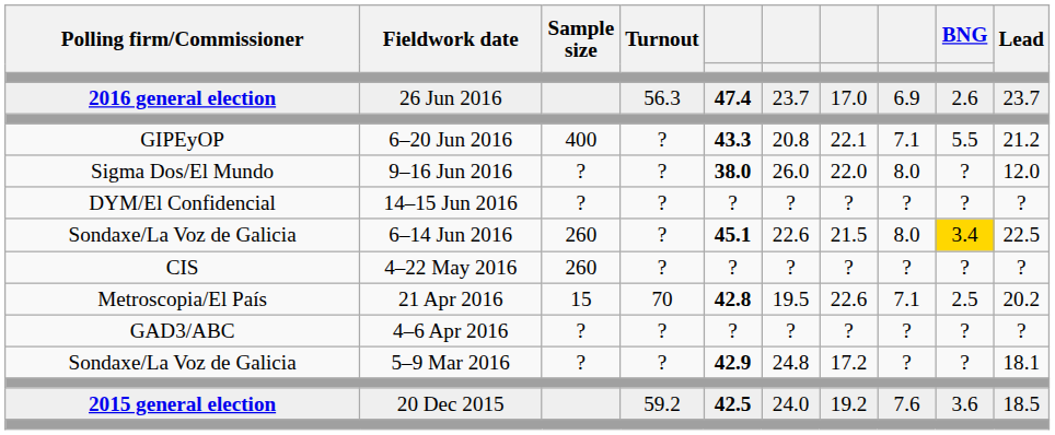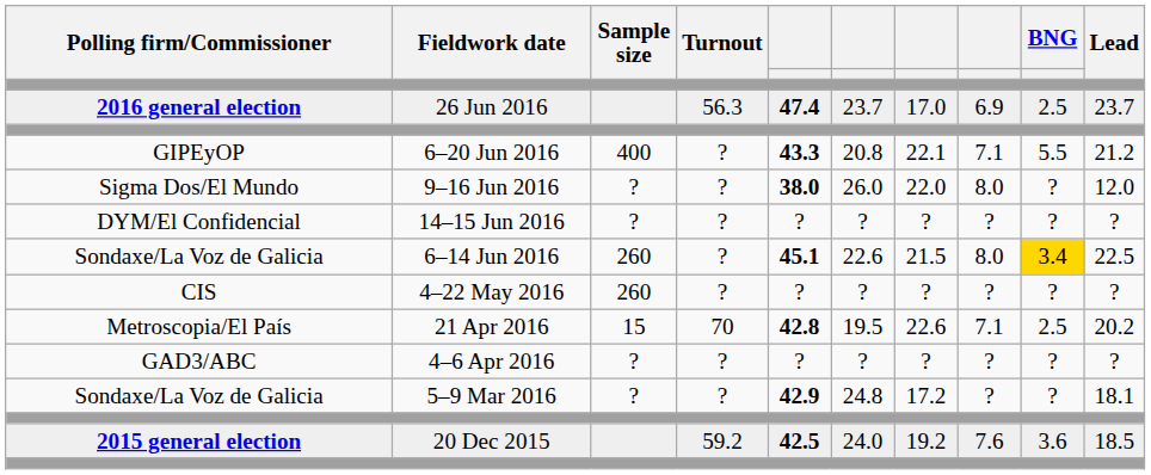 <table class="wikitable collapsible collapsed" style="text-align:center; font-size:95%; line-height:16px;">
 <tr style="height:42px; background-color:#E9E9E9">
 <th style="width:250px;" rowspan="2">Polling firm/Commissioner</th>
 <th style="width:125px;" rowspan="2">Fieldwork date</th>
 <th style="width:50px;" rowspan="2">Sample size</th>
 <th style="width:45px;" rowspan="2">Turnout</th>
 <th style="width:35px;"></th>
 <th style="width:35px;"></th>
 <th style="width:35px;"></th>
 <th style="width:35px;"></th>
 <th style="width:35px;"><a href='#'>BNG</a></th>
 <th style="width:30px;" rowspan="2">Lead</th>
 </tr>
 <tr>
 <th style="color:inherit;background:"></th>
 <th style="color:inherit;background:"></th>
 <th style="color:inherit;background:"></th>
 <th style="color:inherit;background:"></th>
 <th style="color:inherit;background:"></th>
 </tr>
 <tr>
 <td colspan="10" style="background:#A0A0A0"></td>
 </tr>
 <tr style="background:#EFEFEF;">
 <td><strong><a href='#'>2016 general election</a></strong></td>
 <td>26 Jun 2016</td>
 <td></td>
 <td>56.3</td>
 <td><strong>47.4</strong><br></td>
 <td>23.7<br></td>
 <td>17.0<br></td>
 <td>6.9<br></td>
-<td>2.6<br></td>
+<td>2.5<br></td>
 <td style="background:">23.7</td>
 </tr>
 <tr>
 <td colspan="10" style="background:#A0A0A0"></td>
 </tr>
 <tr>
 <td>GIPEyOP</td>
 <td>6–20 Jun 2016</td>
 <td>400</td>
 <td>?</td>
 <td><strong>43.3</strong><br></td>
 <td>20.8<br></td>
 <td>22.1<br></td>
 <td>7.1<br></td>
 <td>5.5<br></td>
 <td style="background:">21.2</td>
 </tr>
 <tr>
 <td>Sigma Dos/El Mundo</td>
 <td>9–16 Jun 2016</td>
 <td>?</td>
 <td>?</td>
 <td><strong>38.0</strong><br></td>
 <td>26.0<br></td>
 <td>22.0<br></td>
 <td>8.0<br></td>
 <td>?<br></td>
 <td style="background:">12.0</td>
 </tr>
 <tr>
 <td>DYM/El Confidencial</td>
 <td>14–15 Jun 2016</td>
 <td>?</td>
 <td>?</td>
 <td>?<br></td>
 <td>?<br></td>
 <td>?<br></td>
 <td>?<br></td>
 <td>?<br></td>
 <td style="background:">?</td>
 </tr>
 <tr>
 <td>Sondaxe/La Voz de Galicia</td>
 <td>6–14 Jun 2016</td>
 <td>260</td>
 <td>?</td>
 <td><strong>45.1</strong><br></td>
 <td>22.6<br></td>
 <td>21.5<br></td>
 <td>8.0<br></td>
 <td style="background: gold;">3.4<br></td>
 <td style="background:">22.5</td>
 </tr>
 <tr>
 <td>CIS</td>
 <td>4–22 May 2016</td>
 <td>260</td>
 <td>?</td>
 <td>?<br></td>
 <td>?<br></td>
 <td>?<br></td>
 <td>?<br></td>
 <td>?<br></td>
 <td style="background:">?</td>
 </tr>
 <tr>
 <td>Metroscopia/El País</td>
 <td>21 Apr 2016</td>
 <td>15</td>
 <td>70</td>
 <td><strong>42.8</strong><br></td>
 <td>19.5<br></td>
 <td>22.6<br></td>
 <td>7.1<br></td>
 <td>2.5<br></td>
 <td style="background:">20.2</td>
 </tr>
 <tr>
 <td>GAD3/ABC</td>
 <td>4–6 Apr 2016</td>
 <td>?</td>
 <td>?</td>
 <td>?<br></td>
 <td>?<br></td>
 <td>?<br></td>
 <td>?<br></td>
 <td>?<br></td>
 <td style="background:">?</td>
 </tr>
 <tr>
 <td>Sondaxe/La Voz de Galicia</td>
 <td>5–9 Mar 2016</td>
 <td>?</td>
 <td>?</td>
 <td><strong>42.9</strong><br></td>
 <td>24.8<br></td>
 <td>17.2<br></td>
 <td>?<br></td>
 <td>?<br></td>
 <td style="background:">18.1</td>
 </tr>
 <tr>
 <td colspan="10" style="background:#A0A0A0"></td>
 </tr>
 <tr style="background:#EFEFEF;">
 <td><strong><a href='#'>2015 general election</a></strong></td>
 <td>20 Dec 2015</td>
 <td></td>
 <td>59.2</td>
 <td><strong>42.5</strong><br></td>
 <td>24.0<br></td>
 <td>19.2<br></td>
 <td>7.6<br></td>
 <td>3.6<br></td>
 <td style="background:">18.5</td>
 </tr>
 <tr>
 <td colspan="10" style="background:#A0A0A0"></td>
 </tr>
 </table>
